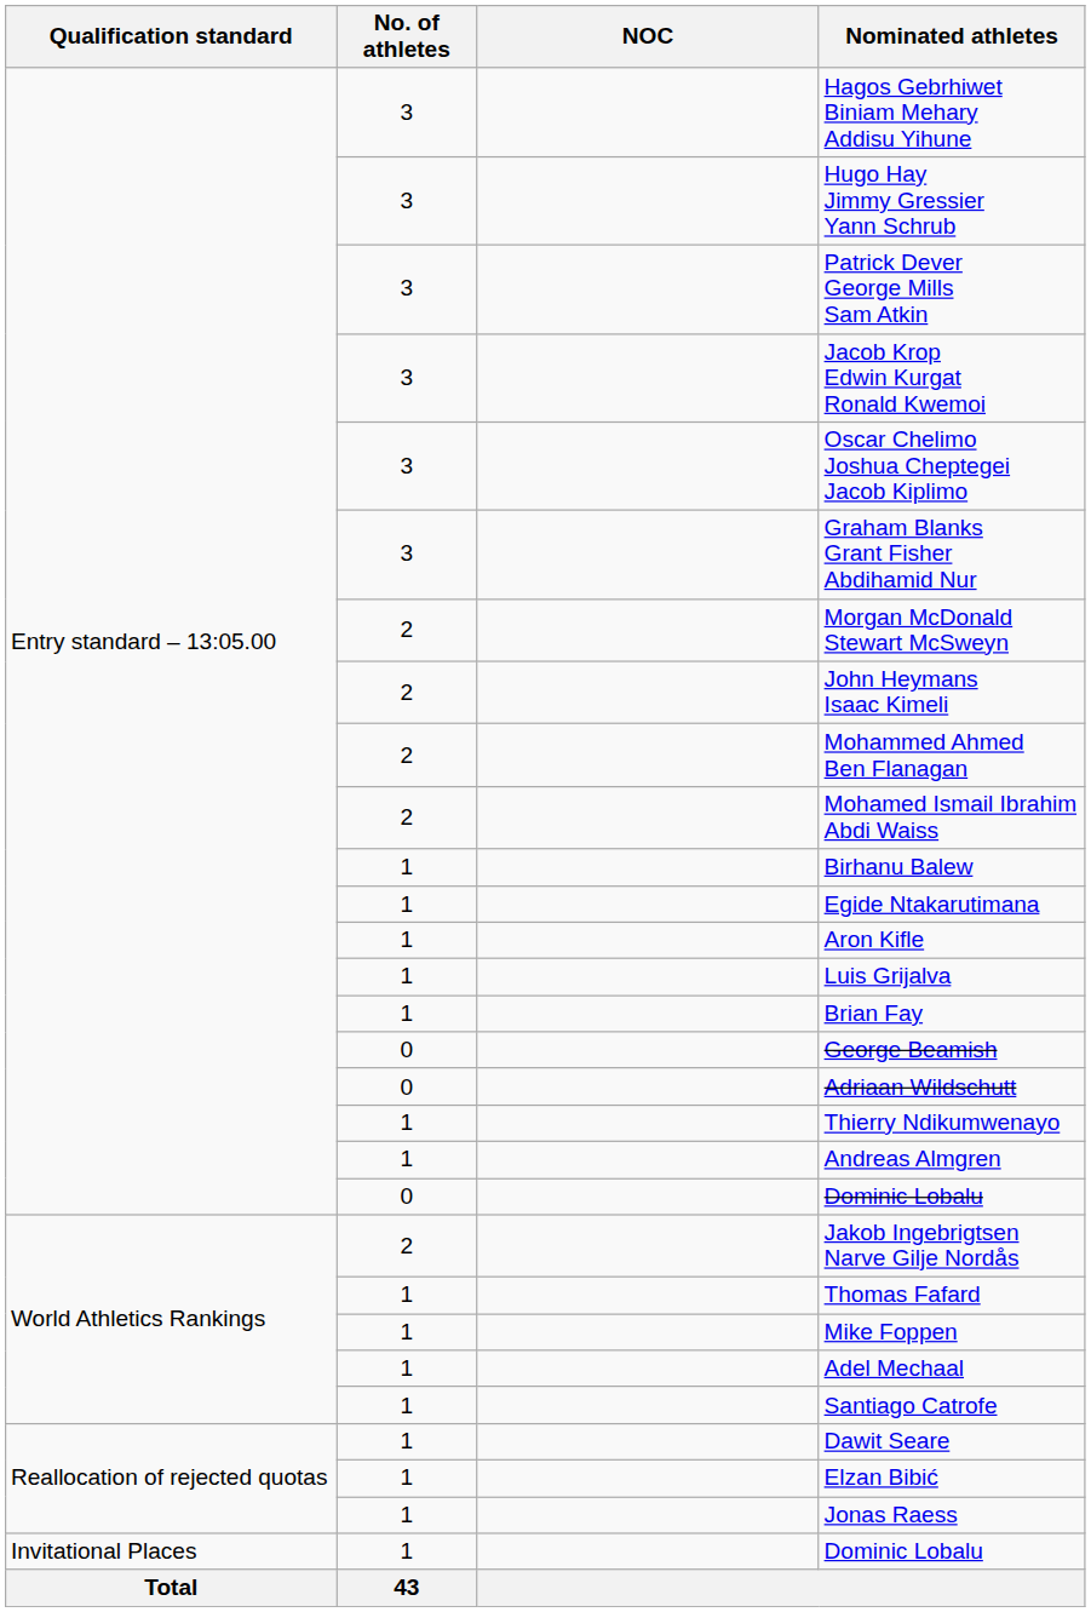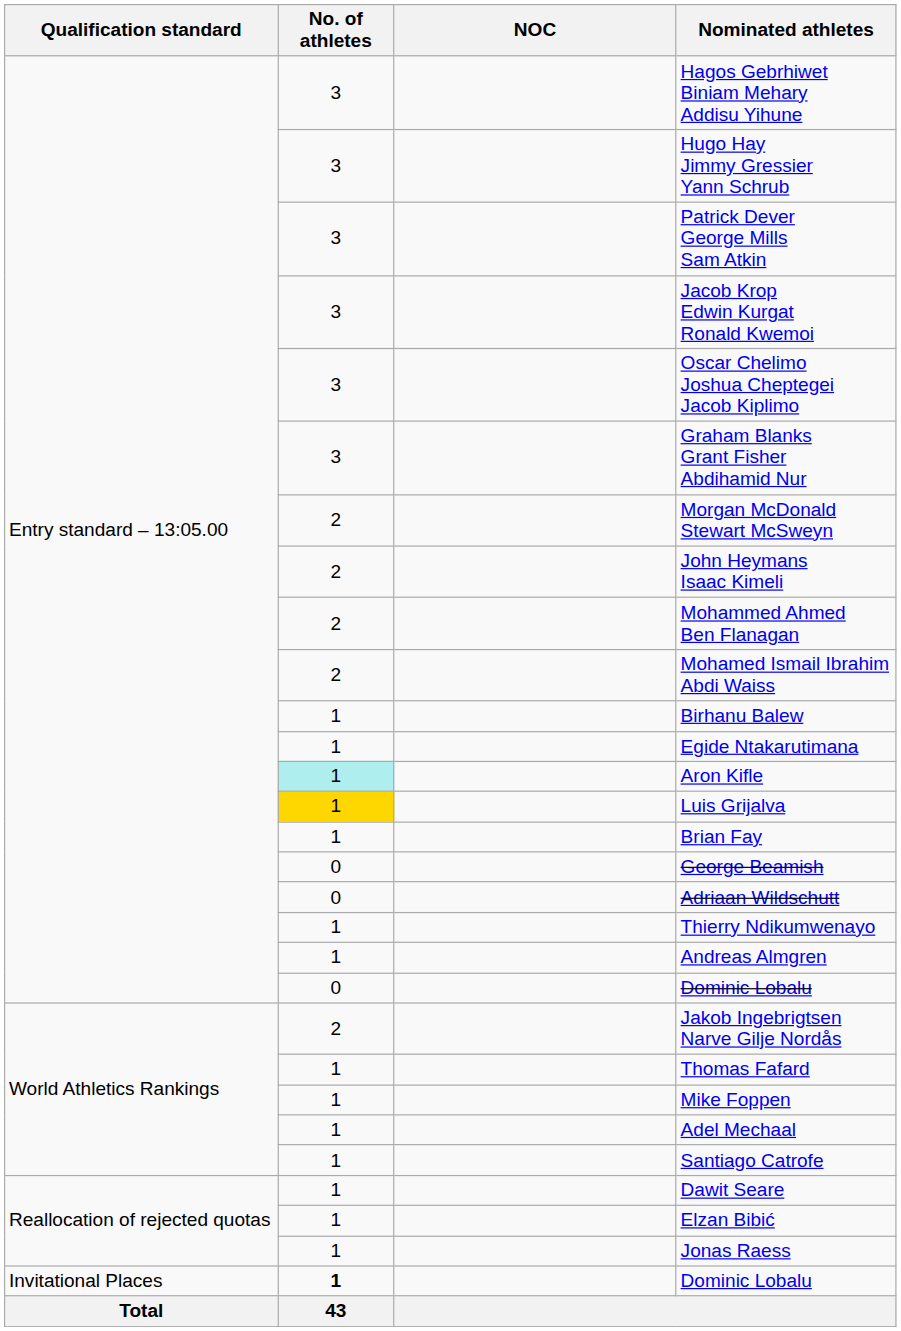 <table class="wikitable sortable" style="text-align:left; width:750px;">
 <tr>
 <th>Qualification standard</th>
 <th width=90>No. of athletes</th>
 <th width=230>NOC</th>
 <th>Nominated athletes</th>
 </tr>
 <tr>
 <td rowspan=20>Entry standard – 13:05.00</td>
 <td align=center>3</td>
 <td></td>
 <td><a href='#'>Hagos Gebrhiwet</a><br><a href='#'>Biniam Mehary</a><br><a href='#'>Addisu Yihune</a></td>
 </tr>
 <tr>
 <td align=center>3</td>
 <td></td>
 <td><a href='#'>Hugo Hay</a><br><a href='#'>Jimmy Gressier</a><br><a href='#'>Yann Schrub</a></td>
 </tr>
 <tr>
 <td align=center>3</td>
 <td></td>
 <td><a href='#'>Patrick Dever</a><br><a href='#'>George Mills</a><br><a href='#'>Sam Atkin</a></td>
 </tr>
 <tr>
 <td align=center>3</td>
 <td></td>
 <td><a href='#'>Jacob Krop</a><br><a href='#'>Edwin Kurgat</a><br><a href='#'>Ronald Kwemoi</a></td>
 </tr>
 <tr>
 <td align=center>3</td>
 <td></td>
 <td><a href='#'>Oscar Chelimo</a><br><a href='#'>Joshua Cheptegei</a><br><a href='#'>Jacob Kiplimo</a></td>
 </tr>
 <tr>
 <td align=center>3</td>
 <td></td>
 <td><a href='#'>Graham Blanks</a><br><a href='#'>Grant Fisher</a><br><a href='#'>Abdihamid Nur</a></td>
 </tr>
 <tr>
 <td align=center>2</td>
 <td></td>
 <td><a href='#'>Morgan McDonald</a><br><a href='#'>Stewart McSweyn</a></td>
 </tr>
 <tr>
 <td align=center>2</td>
 <td></td>
 <td><a href='#'>John Heymans</a><br><a href='#'>Isaac Kimeli</a></td>
 </tr>
 <tr>
 <td align=center>2</td>
 <td></td>
 <td><a href='#'>Mohammed Ahmed</a><br><a href='#'>Ben Flanagan</a></td>
 </tr>
 <tr>
 <td align=center>2</td>
 <td></td>
 <td><a href='#'>Mohamed Ismail Ibrahim</a><br><a href='#'>Abdi Waiss</a></td>
 </tr>
 <tr>
 <td align=center>1</td>
 <td></td>
 <td><a href='#'>Birhanu Balew</a></td>
 </tr>
 <tr>
 <td align=center>1</td>
 <td></td>
 <td><a href='#'>Egide Ntakarutimana</a></td>
 </tr>
 <tr>
-<td align=center>1</td>
+<td align=center style="background: paleturquoise;">1</td>
 <td></td>
 <td><a href='#'>Aron Kifle</a></td>
 </tr>
 <tr>
-<td align=center>1</td>
+<td align=center style="background: gold;">1</td>
 <td></td>
 <td><a href='#'>Luis Grijalva</a></td>
 </tr>
 <tr>
 <td align=center>1</td>
 <td></td>
 <td><a href='#'>Brian Fay</a></td>
 </tr>
 <tr>
 <td align=center>0</td>
 <td><s></s></td>
 <td><s><a href='#'>George Beamish</a></s></td>
 </tr>
 <tr>
 <td align=center>0</td>
 <td><s></s></td>
 <td><s><a href='#'>Adriaan Wildschutt</a></s></td>
 </tr>
 <tr>
 <td align=center>1</td>
 <td></td>
 <td><a href='#'>Thierry Ndikumwenayo</a></td>
 </tr>
 <tr>
 <td align=center>1</td>
 <td></td>
 <td><a href='#'>Andreas Almgren</a></td>
 </tr>
 <tr>
 <td align=center>0</td>
 <td></td>
 <td><s><a href='#'>Dominic Lobalu</a></s></td>
 </tr>
 <tr>
 <td rowspan=5>World Athletics Rankings</td>
 <td align=center>2</td>
 <td></td>
 <td><a href='#'>Jakob Ingebrigtsen</a><br><a href='#'>Narve Gilje Nordås</a></td>
 </tr>
 <tr>
 <td align=center>1</td>
 <td></td>
 <td><a href='#'>Thomas Fafard</a></td>
 </tr>
 <tr>
 <td align=center>1</td>
 <td></td>
 <td><a href='#'>Mike Foppen</a></td>
 </tr>
 <tr>
 <td align=center>1</td>
 <td></td>
 <td><a href='#'>Adel Mechaal</a></td>
 </tr>
 <tr>
 <td align=center>1</td>
 <td></td>
 <td><a href='#'>Santiago Catrofe</a></td>
 </tr>
 <tr>
 <td rowspan=3>Reallocation of rejected quotas</td>
 <td align=center>1</td>
 <td></td>
 <td><a href='#'>Dawit Seare</a></td>
 </tr>
 <tr>
 <td align=center>1</td>
 <td></td>
 <td><a href='#'>Elzan Bibić</a></td>
 </tr>
 <tr>
 <td align=center>1</td>
 <td></td>
 <td><a href='#'>Jonas Raess</a></td>
 </tr>
 <tr>
 <td rowspan=1>Invitational Places</td>
-<td align=center>1</td>
+<td align=center><strong>1</strong></td>
 <td></td>
 <td><a href='#'>Dominic Lobalu</a></td>
 </tr>
 <tr>
 <th>Total</th>
 <th>43</th>
 <th colspan=2></th>
 </tr>
 </table>
